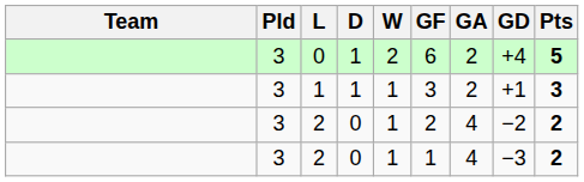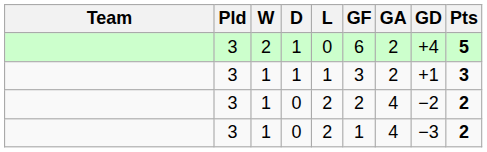 <table class="wikitable" style="text-align:center;">
 <tr>
 <th width=180>Team</th>
 <th width=20>Pld</th>
+<th width=20>W</th>
+<th width=20>D</th>
 <th width=20>L</th>
-<th width=20>D</th>
-<th width=20>W</th>
 <th width=20>GF</th>
 <th width=20>GA</th>
 <th width=20>GD</th>
 <th width=20>Pts</th>
 </tr>
 <tr bgcolor="ccffcc">
 <td align="left"></td>
 <td>3</td>
+<td>2</td>
+<td>1</td>
 <td>0</td>
-<td>1</td>
-<td>2</td>
 <td>6</td>
 <td>2</td>
 <td>+4</td>
 <td><strong>5</strong></td>
 </tr>
 <tr>
 <td align="left"></td>
 <td>3</td>
 <td>1</td>
 <td>1</td>
 <td>1</td>
 <td>3</td>
 <td>2</td>
 <td>+1</td>
 <td><strong>3</strong></td>
 </tr>
 <tr>
 <td align="left"></td>
 <td>3</td>
+<td>1</td>
+<td>0</td>
 <td>2</td>
-<td>0</td>
-<td>1</td>
 <td>2</td>
 <td>4</td>
 <td>−2</td>
 <td><strong>2</strong></td>
 </tr>
 <tr>
 <td align="left"></td>
 <td>3</td>
+<td>1</td>
+<td>0</td>
 <td>2</td>
-<td>0</td>
-<td>1</td>
 <td>1</td>
 <td>4</td>
 <td>−3</td>
 <td><strong>2</strong></td>
 </tr>
 </table>
